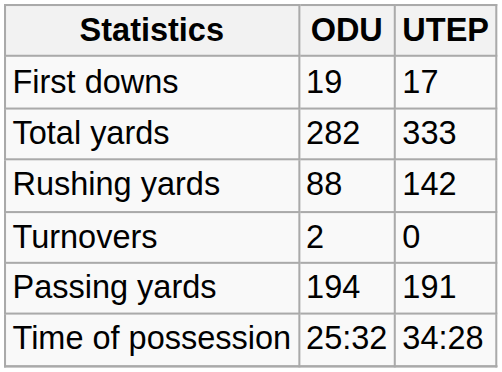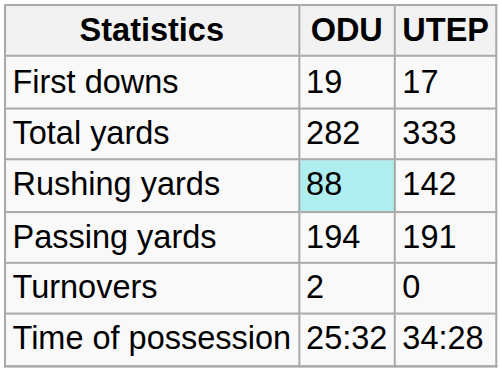 <table class="wikitable">
 <tr>
 <th>Statistics</th>
 <th>ODU</th>
 <th>UTEP</th>
 </tr>
 <tr>
 <td>First downs</td>
 <td>19</td>
 <td>17</td>
 </tr>
 <tr>
 <td>Total yards</td>
 <td>282</td>
 <td>333</td>
 </tr>
 <tr>
 <td>Rushing yards</td>
-<td>88</td>
+<td style="background: paleturquoise;">88</td>
 <td>142</td>
+</tr>
+<tr>
+<td>Passing yards</td>
+<td>194</td>
+<td>191</td>
 </tr>
 <tr>
 <td>Turnovers</td>
 <td>2</td>
 <td>0</td>
-</tr>
-<tr>
-<td>Passing yards</td>
-<td>194</td>
-<td>191</td>
 </tr>
 <tr>
 <td>Time of possession</td>
 <td>25:32</td>
 <td>34:28</td>
 </tr>
 <tr>
 </tr>
 </table>
